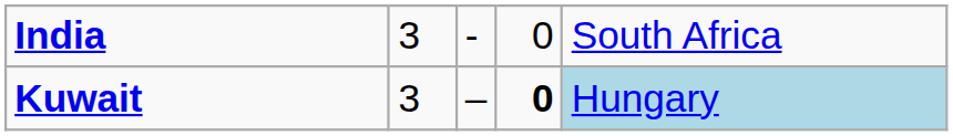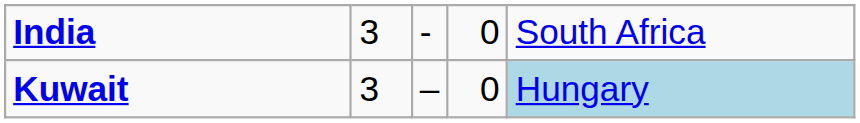 <table class="wikitable">
 <tr>
 <td width=150> <strong><a href='#'>India</a></strong></td>
 <td style="width:20px; text-align:left;">3</td>
 <td>-</td>
 <td style="width:20px; text-align:right;">0</td>
 <td width=150> <a href='#'>South Africa</a></td>
 </tr>
 <tr>
 <td> <strong><a href='#'>Kuwait</a></strong></td>
 <td style="text-align:left;">3</td>
 <td>–</td>
-<td style="text-align:right;"><strong>0</strong></td>
+<td style="text-align:right;">0</td>
 <td style="background: lightblue;"> <a href='#'>Hungary</a></td>
 </tr>
 </table>
